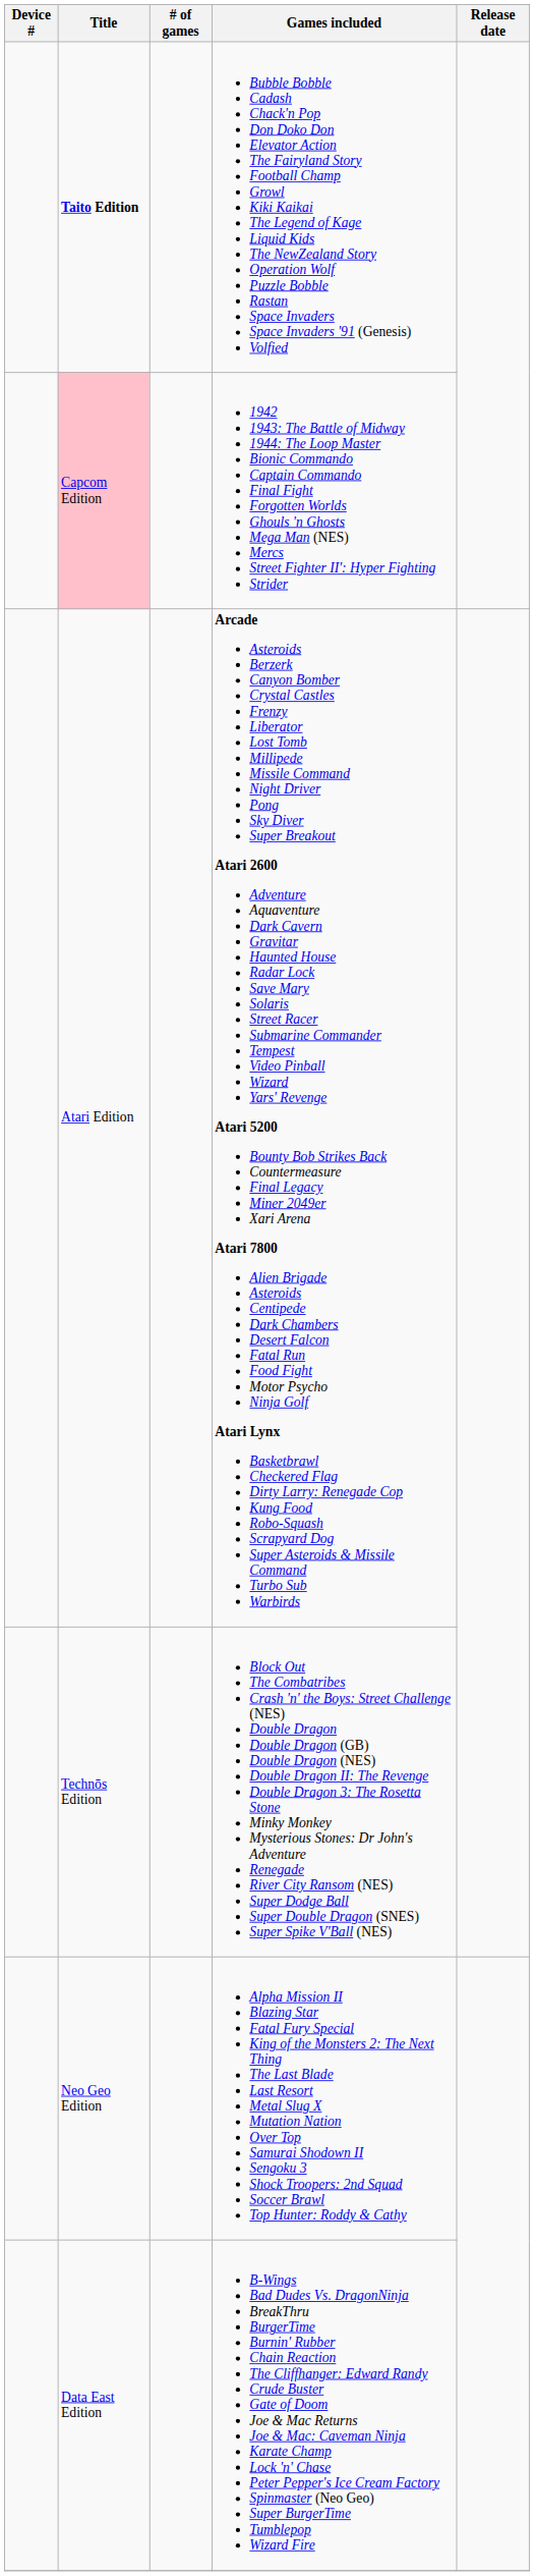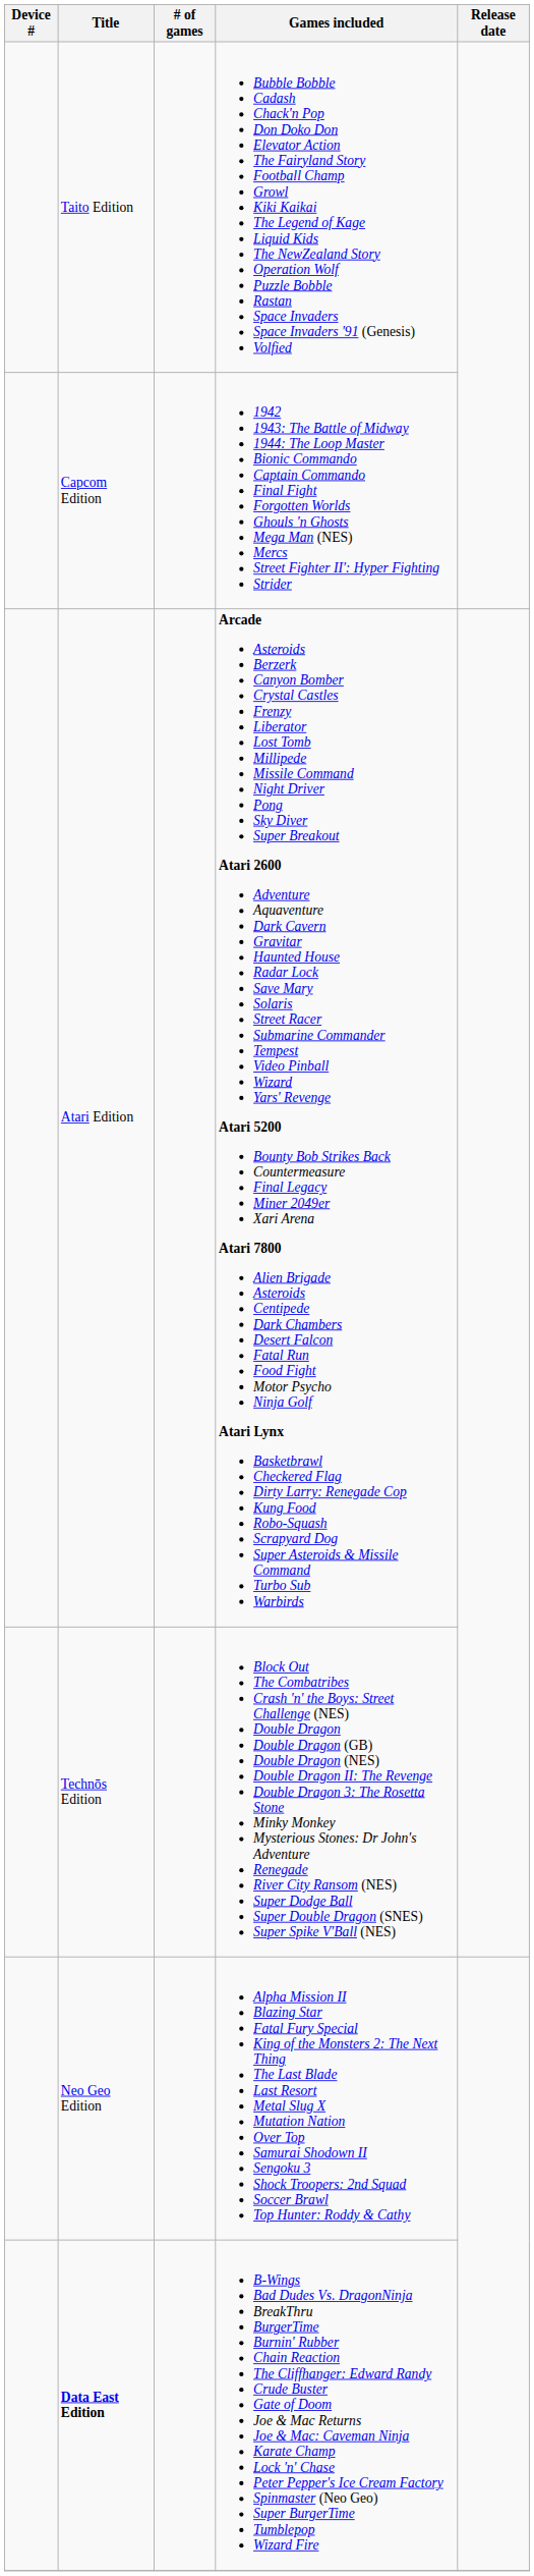 <table class="wikitable sortable" style="text-align:left;">
 <tr>
 <th>Device #</th>
 <th>Title</th>
 <th># of games</th>
 <th>Games included</th>
 <th>Release date</th>
 </tr>
 <tr>
 <td></td>
-<td><strong><a href='#'>Taito</a> Edition</strong></td>
+<td><a href='#'>Taito</a> Edition</td>
 <td></td>
 <td><br><ul><li><em><a href='#'>Bubble Bobble</a></em></li><li><em><a href='#'>Cadash</a></em></li><li><em><a href='#'>Chack'n Pop</a></em></li><li><em><a href='#'>Don Doko Don</a></em></li><li><em><a href='#'>Elevator Action</a></em></li><li><em><a href='#'>The Fairyland Story</a></em></li><li><em><a href='#'>Football Champ</a></em></li><li><em><a href='#'>Growl</a></em></li><li><em><a href='#'>Kiki Kaikai</a></em></li><li><em><a href='#'>The Legend of Kage</a></em></li><li><em><a href='#'>Liquid Kids</a></em></li><li><em><a href='#'>The NewZealand Story</a></em></li><li><em><a href='#'>Operation Wolf</a></em></li><li><em><a href='#'>Puzzle Bobble</a></em></li><li><em><a href='#'>Rastan</a></em></li><li><em><a href='#'>Space Invaders</a></em></li><li><em><a href='#'>Space Invaders '91</a></em> (Genesis)</li><li><em><a href='#'>Volfied</a></em></li></ul></td>
 <td rowspan="2" align="center"></td>
 </tr>
 <tr>
 <td></td>
-<td style="background: pink;"><a href='#'>Capcom</a> Edition</td>
+<td><a href='#'>Capcom</a> Edition</td>
 <td></td>
 <td><br><ul><li><em><a href='#'>1942</a></em></li><li><em><a href='#'>1943: The Battle of Midway</a></em></li><li><em><a href='#'>1944: The Loop Master</a></em></li><li><em><a href='#'>Bionic Commando</a></em></li><li><em><a href='#'>Captain Commando</a></em></li><li><em><a href='#'>Final Fight</a></em></li><li><em><a href='#'>Forgotten Worlds</a></em></li><li><em><a href='#'>Ghouls 'n Ghosts</a></em></li><li><em><a href='#'>Mega Man</a></em> (NES)</li><li><em><a href='#'>Mercs</a></em></li><li><em><a href='#'>Street Fighter II': Hyper Fighting</a></em></li><li><em><a href='#'>Strider</a></em></li></ul></td>
 </tr>
 <tr>
 <td></td>
 <td><a href='#'>Atari</a> Edition</td>
 <td></td>
 <td><strong>Arcade</strong><br><ul><li><em><a href='#'>Asteroids</a></em></li><li><em><a href='#'>Berzerk</a></em></li><li><em><a href='#'>Canyon Bomber</a></em></li><li><em><a href='#'>Crystal Castles</a></em></li><li><em><a href='#'>Frenzy</a></em></li><li><em><a href='#'>Liberator</a></em></li><li><em><a href='#'>Lost Tomb</a></em></li><li><em><a href='#'>Millipede</a></em></li><li><em><a href='#'>Missile Command</a></em></li><li><em><a href='#'>Night Driver</a></em></li><li><em><a href='#'>Pong</a></em></li><li><em><a href='#'>Sky Diver</a></em></li><li><em><a href='#'>Super Breakout</a></em></li></ul><strong>Atari 2600</strong><ul><li><em><a href='#'>Adventure</a></em></li><li><em>Aquaventure</em></li><li><em><a href='#'>Dark Cavern</a></em></li><li><em><a href='#'>Gravitar</a></em></li><li><em><a href='#'>Haunted House</a></em></li><li><em><a href='#'>Radar Lock</a></em></li><li><em><a href='#'>Save Mary</a></em></li><li><em><a href='#'>Solaris</a></em></li><li><em><a href='#'>Street Racer</a></em></li><li><em><a href='#'>Submarine Commander</a></em></li><li><em><a href='#'>Tempest</a></em></li><li><em><a href='#'>Video Pinball</a></em></li><li><em><a href='#'>Wizard</a></em></li><li><em><a href='#'>Yars' Revenge</a></em></li></ul><strong>Atari 5200</strong><ul><li><em><a href='#'>Bounty Bob Strikes Back</a></em></li><li><em>Countermeasure</em></li><li><em><a href='#'>Final Legacy</a></em></li><li><em><a href='#'>Miner 2049er</a></em></li><li><em>Xari Arena</em></li></ul><strong>Atari 7800</strong><ul><li><em><a href='#'>Alien Brigade</a></em></li><li><em><a href='#'>Asteroids</a></em></li><li><em><a href='#'>Centipede</a></em></li><li><em><a href='#'>Dark Chambers</a></em></li><li><em><a href='#'>Desert Falcon</a></em></li><li><em><a href='#'>Fatal Run</a></em></li><li><em><a href='#'>Food Fight</a></em></li><li><em>Motor Psycho</em></li><li><em><a href='#'>Ninja Golf</a></em></li></ul><strong>Atari Lynx</strong><ul><li><em><a href='#'>Basketbrawl</a></em></li><li><em><a href='#'>Checkered Flag</a></em></li><li><em><a href='#'>Dirty Larry: Renegade Cop</a></em></li><li><em><a href='#'>Kung Food</a></em></li><li><em><a href='#'>Robo-Squash</a></em></li><li><em><a href='#'>Scrapyard Dog</a></em></li><li><em><a href='#'>Super Asteroids & Missile Command</a></em></li><li><em><a href='#'>Turbo Sub</a></em></li><li><em><a href='#'>Warbirds</a></em></li></ul></td>
 <td rowspan="2" align="center"></td>
 </tr>
 <tr>
 <td></td>
 <td><a href='#'>Technōs</a> Edition</td>
 <td></td>
 <td><br><ul><li><em><a href='#'>Block Out</a></em></li><li><em><a href='#'>The Combatribes</a></em></li><li><em><a href='#'>Crash 'n' the Boys: Street Challenge</a></em> (NES)</li><li><em><a href='#'>Double Dragon</a></em></li><li><em><a href='#'>Double Dragon</a></em> (GB)</li><li><em><a href='#'>Double Dragon</a></em> (NES)</li><li><em><a href='#'>Double Dragon II: The Revenge</a></em></li><li><em><a href='#'>Double Dragon 3: The Rosetta Stone</a></em></li><li><em>Minky Monkey</em></li><li><em>Mysterious Stones: Dr John's Adventure</em></li><li><em><a href='#'>Renegade</a></em></li><li><em><a href='#'>River City Ransom</a></em> (NES)</li><li><em><a href='#'>Super Dodge Ball</a></em></li><li><em><a href='#'>Super Double Dragon</a></em> (SNES)</li><li><em><a href='#'>Super Spike V'Ball</a></em> (NES)</li></ul></td>
 </tr>
 <tr>
 <td></td>
 <td><a href='#'>Neo Geo</a> Edition</td>
 <td></td>
 <td><br><ul><li><em><a href='#'>Alpha Mission II</a></em></li><li><em><a href='#'>Blazing Star</a></em></li><li><em><a href='#'>Fatal Fury Special</a></em></li><li><em><a href='#'>King of the Monsters 2: The Next Thing</a></em></li><li><em><a href='#'>The Last Blade</a></em></li><li><em><a href='#'>Last Resort</a></em></li><li><em><a href='#'>Metal Slug X</a></em></li><li><em><a href='#'>Mutation Nation</a></em></li><li><em><a href='#'>Over Top</a></em></li><li><em><a href='#'>Samurai Shodown II</a></em></li><li><em><a href='#'>Sengoku 3</a></em></li><li><em><a href='#'>Shock Troopers: 2nd Squad</a></em></li><li><em><a href='#'>Soccer Brawl</a></em></li><li><em><a href='#'>Top Hunter: Roddy & Cathy</a></em></li></ul></td>
 <td rowspan="2" align="center"></td>
 </tr>
 <tr>
 <td></td>
-<td><a href='#'>Data East</a> Edition</td>
+<td><strong><a href='#'>Data East</a> Edition</strong></td>
 <td></td>
 <td><br><ul><li><em><a href='#'>B-Wings</a></em></li><li><em><a href='#'>Bad Dudes Vs. DragonNinja</a></em></li><li><em>BreakThru</em></li><li><em><a href='#'>BurgerTime</a></em></li><li><em><a href='#'>Burnin' Rubber</a></em></li><li><em><a href='#'>Chain Reaction</a></em></li><li><em><a href='#'>The Cliffhanger: Edward Randy</a></em></li><li><em><a href='#'>Crude Buster</a></em></li><li><em><a href='#'>Gate of Doom</a></em></li><li><em>Joe & Mac Returns</em></li><li><em><a href='#'>Joe & Mac: Caveman Ninja</a></em></li><li><em><a href='#'>Karate Champ</a></em></li><li><em><a href='#'>Lock 'n' Chase</a></em></li><li><em><a href='#'>Peter Pepper's Ice Cream Factory</a></em></li><li><em><a href='#'>Spinmaster</a></em> (Neo Geo)</li><li><em><a href='#'>Super BurgerTime</a></em></li><li><em><a href='#'>Tumblepop</a></em></li><li><em><a href='#'>Wizard Fire</a></em></li></ul></td>
 </tr>
 <tr>
 </tr>
 </table>
